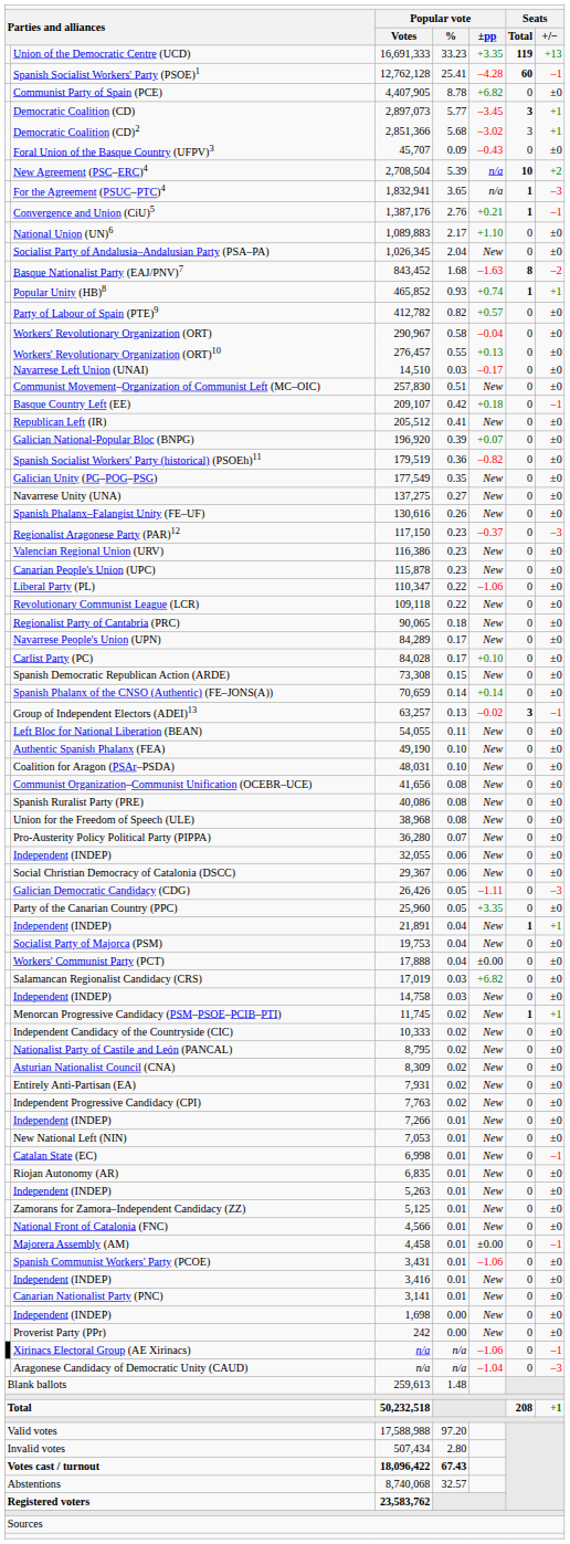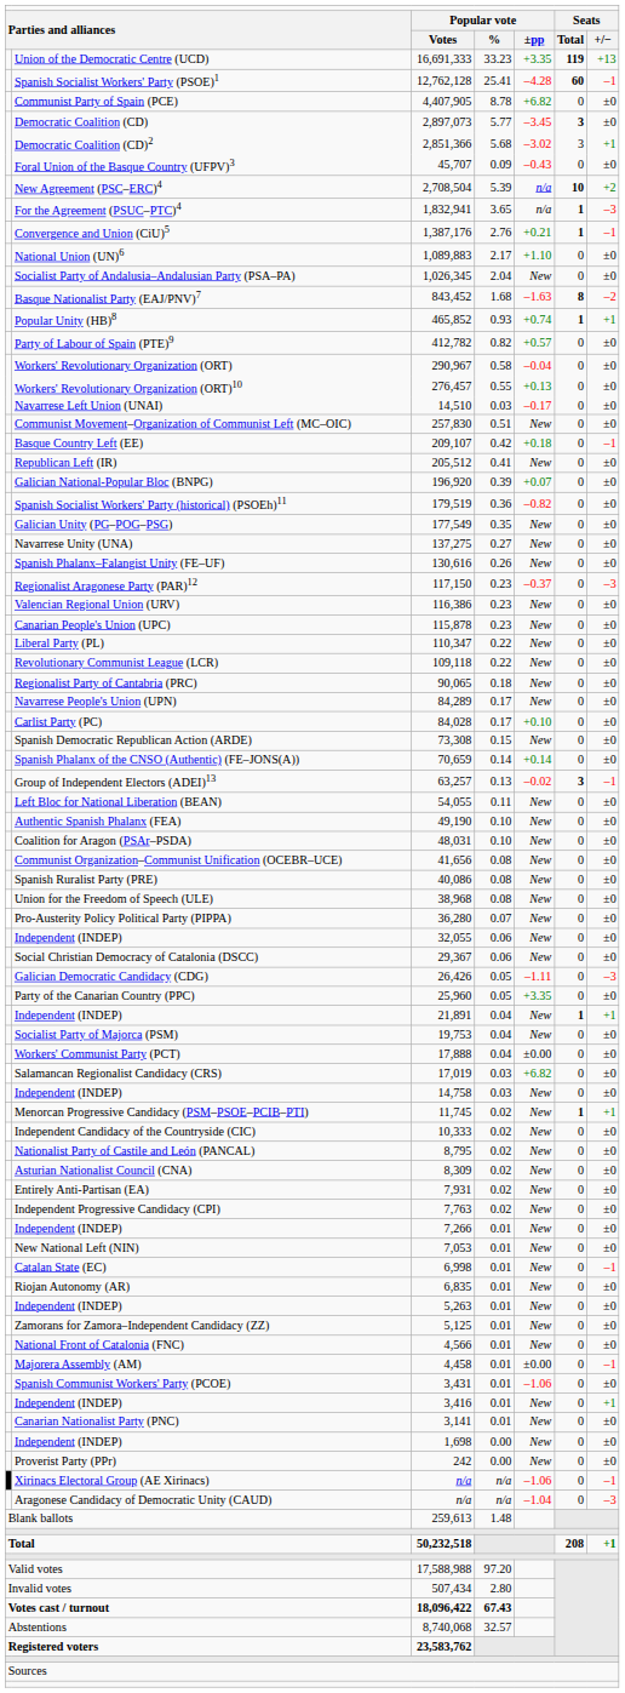 <table class="wikitable" style="text-align:right;">
 <tr>
 <td colspan="7"></td>
 </tr>
 <tr>
 <th style="text-align:left;" rowspan="2" colspan="2" width="525">Parties and alliances</th>
 <th colspan="3">Popular vote</th>
 <th colspan="2">Seats</th>
 </tr>
 <tr>
 <th width="75">Votes</th>
 <th width="45">%</th>
 <th width="45">±<a href='#'>pp</a></th>
 <th width="35">Total</th>
 <th width="35">+/−</th>
 </tr>
 <tr>
 <td width="1" style="color:inherit;background:"></td>
 <td align="left"><a href='#'>Union of the Democratic Centre</a> (UCD)</td>
 <td>16,691,333</td>
 <td>33.23</td>
 <td style="color:green;">+3.35</td>
 <td><strong>119</strong></td>
 <td style="color:green;">+13</td>
 </tr>
 <tr>
 <td style="color:inherit;background:"></td>
 <td align="left"><a href='#'>Spanish Socialist Workers' Party</a> (PSOE)<sup>1</sup></td>
 <td>12,762,128</td>
 <td>25.41</td>
 <td style="color:red;">–4.28</td>
 <td><strong>60</strong></td>
 <td style="color:red;">–1</td>
 </tr>
 <tr>
 <td style="color:inherit;background:"></td>
 <td align="left"><a href='#'>Communist Party of Spain</a> (PCE)</td>
 <td>4,407,905</td>
 <td>8.78</td>
 <td style="color:green;">+6.82</td>
 <td>0</td>
 <td>±0</td>
 </tr>
 <tr style="line-height:22px;">
 <td rowspan="3" style="color:inherit;background:"></td>
 <td align="left"><a href='#'>Democratic Coalition</a> (CD)</td>
 <td>2,897,073</td>
 <td>5.77</td>
 <td style="color:red;">–3.45</td>
 <td><strong>3</strong></td>
-<td style="color:green;">+1</td>
+<td>±0</td>
 </tr>
 <tr style="border-bottom-style:hidden; border-top-style:hidden; line-height:16px;">
 <td align="left"><span><a href='#'>Democratic Coalition</a> (CD)<sup>2</sup></span></td>
 <td>2,851,366</td>
 <td>5.68</td>
 <td style="color:red;">–3.02</td>
 <td>3</td>
 <td style="color:green;">+1</td>
 </tr>
 <tr style="line-height:16px;">
 <td align="left"><span><a href='#'>Foral Union of the Basque Country</a> (UFPV)<sup>3</sup></span></td>
 <td>45,707</td>
 <td>0.09</td>
 <td style="color:red;">–0.43</td>
 <td>0</td>
 <td>±0</td>
 </tr>
 <tr>
 <td style="color:inherit;background:"></td>
 <td align="left"><a href='#'>New Agreement</a> (<a href='#'>PSC</a>–<a href='#'>ERC</a>)<sup>4</sup></td>
 <td>2,708,504</td>
 <td>5.39</td>
 <td><em><a href='#'>n/a</a></em></td>
 <td><strong>10</strong></td>
 <td style="color:green;">+2</td>
 </tr>
 <tr>
 <td style="color:inherit;background:"></td>
 <td align="left"><a href='#'>For the Agreement</a> (<a href='#'>PSUC</a>–<a href='#'>PTC</a>)<sup>4</sup></td>
 <td>1,832,941</td>
 <td>3.65</td>
 <td><em>n/a</em></td>
 <td><strong>1</strong></td>
 <td style="color:red;">–3</td>
 </tr>
 <tr>
 <td style="color:inherit;background:"></td>
 <td align="left"><a href='#'>Convergence and Union</a> (CiU)<sup>5</sup></td>
 <td>1,387,176</td>
 <td>2.76</td>
 <td style="color:green;">+0.21</td>
 <td><strong>1</strong></td>
 <td style="color:red;">–1</td>
 </tr>
 <tr>
 <td style="color:inherit;background:"></td>
 <td align="left"><a href='#'>National Union</a> (UN)<sup>6</sup></td>
 <td>1,089,883</td>
 <td>2.17</td>
 <td style="color:green;">+1.10</td>
 <td>0</td>
 <td>±0</td>
 </tr>
 <tr>
 <td style="color:inherit;background:"></td>
 <td align="left"><a href='#'>Socialist Party of Andalusia–Andalusian Party</a> (PSA–PA)</td>
 <td>1,026,345</td>
 <td>2.04</td>
 <td><em>New</em></td>
 <td>0</td>
 <td>±0</td>
 </tr>
 <tr>
 <td style="color:inherit;background:"></td>
 <td align="left"><a href='#'>Basque Nationalist Party</a> (EAJ/PNV)<sup>7</sup></td>
 <td>843,452</td>
 <td>1.68</td>
 <td style="color:red;">–1.63</td>
 <td><strong>8</strong></td>
 <td style="color:red;">–2</td>
 </tr>
 <tr>
 <td style="color:inherit;background:"></td>
 <td align="left"><a href='#'>Popular Unity</a> (HB)<sup>8</sup></td>
 <td>465,852</td>
 <td>0.93</td>
 <td style="color:green;">+0.74</td>
 <td><strong>1</strong></td>
 <td style="color:green;">+1</td>
 </tr>
 <tr>
 <td style="color:inherit;background:"></td>
 <td align="left"><a href='#'>Party of Labour of Spain</a> (PTE)<sup>9</sup></td>
 <td>412,782</td>
 <td>0.82</td>
 <td style="color:green;">+0.57</td>
 <td>0</td>
 <td>±0</td>
 </tr>
 <tr style="line-height:22px;">
 <td rowspan="3" style="color:inherit;background:"></td>
 <td align="left"><a href='#'>Workers' Revolutionary Organization</a> (ORT)</td>
 <td>290,967</td>
 <td>0.58</td>
 <td style="color:red;">–0.04</td>
 <td>0</td>
 <td>±0</td>
 </tr>
 <tr style="border-bottom-style:hidden; border-top-style:hidden; line-height:16px;">
 <td align="left"><span><a href='#'>Workers' Revolutionary Organization</a> (ORT)<sup>10</sup></span></td>
 <td>276,457</td>
 <td>0.55</td>
 <td style="color:green;">+0.13</td>
 <td>0</td>
 <td>±0</td>
 </tr>
 <tr style="line-height:16px;">
 <td align="left"><span><a href='#'>Navarrese Left Union</a> (UNAI)</span></td>
 <td>14,510</td>
 <td>0.03</td>
 <td style="color:red;">–0.17</td>
 <td>0</td>
 <td>±0</td>
 </tr>
 <tr>
 <td style="color:inherit;background:"></td>
 <td align="left"><a href='#'>Communist Movement</a>–<a href='#'>Organization of Communist Left</a> (MC–OIC)</td>
 <td>257,830</td>
 <td>0.51</td>
 <td><em>New</em></td>
 <td>0</td>
 <td>±0</td>
 </tr>
 <tr>
 <td style="color:inherit;background:"></td>
 <td align="left"><a href='#'>Basque Country Left</a> (EE)</td>
 <td>209,107</td>
 <td>0.42</td>
 <td style="color:green;">+0.18</td>
 <td>0</td>
 <td style="color:red;">–1</td>
 </tr>
 <tr>
 <td style="color:inherit;background:"></td>
 <td align="left"><a href='#'>Republican Left</a> (IR)</td>
 <td>205,512</td>
 <td>0.41</td>
 <td><em>New</em></td>
 <td>0</td>
 <td>±0</td>
 </tr>
 <tr>
 <td style="color:inherit;background:"></td>
 <td align="left"><a href='#'>Galician National-Popular Bloc</a> (BNPG)</td>
 <td>196,920</td>
 <td>0.39</td>
 <td style="color:green;">+0.07</td>
 <td>0</td>
 <td>±0</td>
 </tr>
 <tr>
 <td style="color:inherit;background:"></td>
 <td align="left"><a href='#'>Spanish Socialist Workers' Party (historical)</a> (PSOEh)<sup>11</sup></td>
 <td>179,519</td>
 <td>0.36</td>
 <td style="color:red;">–0.82</td>
 <td>0</td>
 <td>±0</td>
 </tr>
 <tr>
 <td style="color:inherit;background:"></td>
 <td align="left"><a href='#'>Galician Unity</a> (<a href='#'>PG</a>–<a href='#'>POG</a>–<a href='#'>PSG</a>)</td>
 <td>177,549</td>
 <td>0.35</td>
 <td><em>New</em></td>
 <td>0</td>
 <td>±0</td>
 </tr>
 <tr>
 <td bgcolor="white"></td>
 <td align="left">Navarrese Unity (UNA)</td>
 <td>137,275</td>
 <td>0.27</td>
 <td><em>New</em></td>
 <td>0</td>
 <td>±0</td>
 </tr>
 <tr>
 <td style="color:inherit;background:"></td>
 <td align="left"><a href='#'>Spanish Phalanx–Falangist Unity</a> (FE–UF)</td>
 <td>130,616</td>
 <td>0.26</td>
 <td><em>New</em></td>
 <td>0</td>
 <td>±0</td>
 </tr>
 <tr>
 <td style="color:inherit;background:"></td>
 <td align="left"><a href='#'>Regionalist Aragonese Party</a> (PAR)<sup>12</sup></td>
 <td>117,150</td>
 <td>0.23</td>
 <td style="color:red;">–0.37</td>
 <td>0</td>
 <td style="color:red;">–3</td>
 </tr>
 <tr>
 <td style="color:inherit;background:"></td>
 <td align="left"><a href='#'>Valencian Regional Union</a> (URV)</td>
 <td>116,386</td>
 <td>0.23</td>
 <td><em>New</em></td>
 <td>0</td>
 <td>±0</td>
 </tr>
 <tr>
 <td style="color:inherit;background:"></td>
 <td align="left"><a href='#'>Canarian People's Union</a> (UPC)</td>
 <td>115,878</td>
 <td>0.23</td>
 <td><em>New</em></td>
 <td>0</td>
 <td>±0</td>
 </tr>
 <tr>
 <td style="color:inherit;background:"></td>
 <td align="left"><a href='#'>Liberal Party</a> (PL)</td>
 <td>110,347</td>
 <td>0.22</td>
-<td style="color:red;">–1.06</td>
+<td><em>New</em></td>
 <td>0</td>
 <td>±0</td>
 </tr>
 <tr>
 <td style="color:inherit;background:"></td>
 <td align="left"><a href='#'>Revolutionary Communist League</a> (LCR)</td>
 <td>109,118</td>
 <td>0.22</td>
 <td><em>New</em></td>
 <td>0</td>
 <td>±0</td>
 </tr>
 <tr>
 <td style="color:inherit;background:"></td>
 <td align="left"><a href='#'>Regionalist Party of Cantabria</a> (PRC)</td>
 <td>90,065</td>
 <td>0.18</td>
 <td><em>New</em></td>
 <td>0</td>
 <td>±0</td>
 </tr>
 <tr>
 <td style="color:inherit;background:"></td>
 <td align="left"><a href='#'>Navarrese People's Union</a> (UPN)</td>
 <td>84,289</td>
 <td>0.17</td>
 <td><em>New</em></td>
 <td>0</td>
 <td>±0</td>
 </tr>
 <tr>
 <td style="color:inherit;background:"></td>
 <td align="left"><a href='#'>Carlist Party</a> (PC)</td>
 <td>84,028</td>
 <td>0.17</td>
 <td style="color:green;">+0.10</td>
 <td>0</td>
 <td>±0</td>
 </tr>
 <tr>
 <td style="color:inherit;background:"></td>
 <td align="left">Spanish Democratic Republican Action (ARDE)</td>
 <td>73,308</td>
 <td>0.15</td>
 <td><em>New</em></td>
 <td>0</td>
 <td>±0</td>
 </tr>
 <tr>
 <td style="color:inherit;background:"></td>
 <td align="left"><a href='#'>Spanish Phalanx of the CNSO (Authentic)</a> (FE–JONS(A))</td>
 <td>70,659</td>
 <td>0.14</td>
 <td style="color:green;">+0.14</td>
 <td>0</td>
 <td>±0</td>
 </tr>
 <tr>
 <td style="color:inherit;background:"></td>
 <td align="left">Group of Independent Electors (ADEI)<sup>13</sup></td>
 <td>63,257</td>
 <td>0.13</td>
 <td style="color:red;">–0.02</td>
 <td><strong>3</strong></td>
 <td style="color:red;">–1</td>
 </tr>
 <tr>
 <td style="color:inherit;background:"></td>
 <td align="left"><a href='#'>Left Bloc for National Liberation</a> (BEAN)</td>
 <td>54,055</td>
 <td>0.11</td>
 <td><em>New</em></td>
 <td>0</td>
 <td>±0</td>
 </tr>
 <tr>
 <td style="color:inherit;background:"></td>
 <td align="left"><a href='#'>Authentic Spanish Phalanx</a> (FEA)</td>
 <td>49,190</td>
 <td>0.10</td>
 <td><em>New</em></td>
 <td>0</td>
 <td>±0</td>
 </tr>
 <tr>
 <td style="color:inherit;background:"></td>
 <td align="left">Coalition for Aragon (<a href='#'>PSAr</a>–PSDA)</td>
 <td>48,031</td>
 <td>0.10</td>
 <td><em>New</em></td>
 <td>0</td>
 <td>±0</td>
 </tr>
 <tr>
 <td style="color:inherit;background:"></td>
 <td align="left"><a href='#'>Communist Organization</a>–<a href='#'>Communist Unification</a> (OCEBR–UCE)</td>
 <td>41,656</td>
 <td>0.08</td>
 <td><em>New</em></td>
 <td>0</td>
 <td>±0</td>
 </tr>
 <tr>
 <td style="color:inherit;background:"></td>
 <td align="left">Spanish Ruralist Party (PRE)</td>
 <td>40,086</td>
 <td>0.08</td>
 <td><em>New</em></td>
 <td>0</td>
 <td>±0</td>
 </tr>
 <tr>
 <td bgcolor="white"></td>
 <td align="left">Union for the Freedom of Speech (ULE)</td>
 <td>38,968</td>
 <td>0.08</td>
 <td><em>New</em></td>
 <td>0</td>
 <td>±0</td>
 </tr>
 <tr>
 <td bgcolor="white"></td>
 <td align="left">Pro-Austerity Policy Political Party (PIPPA)</td>
 <td>36,280</td>
 <td>0.07</td>
 <td><em>New</em></td>
 <td>0</td>
 <td>±0</td>
 </tr>
 <tr>
 <td style="color:inherit;background:"></td>
 <td align="left"><a href='#'>Independent</a> (INDEP)</td>
 <td>32,055</td>
 <td>0.06</td>
 <td><em>New</em></td>
 <td>0</td>
 <td>±0</td>
 </tr>
 <tr>
 <td style="color:inherit;background:"></td>
 <td align="left">Social Christian Democracy of Catalonia (DSCC)</td>
 <td>29,367</td>
 <td>0.06</td>
 <td><em>New</em></td>
 <td>0</td>
 <td>±0</td>
 </tr>
 <tr>
 <td style="color:inherit;background:"></td>
 <td align="left"><a href='#'>Galician Democratic Candidacy</a> (CDG)</td>
 <td>26,426</td>
 <td>0.05</td>
 <td style="color:red;">–1.11</td>
 <td>0</td>
 <td style="color:red;">–3</td>
 </tr>
 <tr>
 <td style="color:inherit;background:"></td>
 <td align="left">Party of the Canarian Country (PPC)</td>
 <td>25,960</td>
 <td>0.05</td>
 <td style="color:green;">+3.35</td>
 <td>0</td>
 <td>±0</td>
 </tr>
 <tr>
 <td style="color:inherit;background:"></td>
 <td align="left"><a href='#'>Independent</a> (INDEP)</td>
 <td>21,891</td>
 <td>0.04</td>
 <td><em>New</em></td>
 <td><strong>1</strong></td>
 <td style="color:green;">+1</td>
 </tr>
 <tr>
 <td style="color:inherit;background:"></td>
 <td align="left"><a href='#'>Socialist Party of Majorca</a> (PSM)</td>
 <td>19,753</td>
 <td>0.04</td>
 <td><em>New</em></td>
 <td>0</td>
 <td>±0</td>
 </tr>
 <tr>
 <td style="color:inherit;background:"></td>
 <td align="left"><a href='#'>Workers' Communist Party</a> (PCT)</td>
 <td>17,888</td>
 <td>0.04</td>
 <td>±0.00</td>
 <td>0</td>
 <td>±0</td>
 </tr>
 <tr>
 <td bgcolor="white"></td>
 <td align="left">Salamancan Regionalist Candidacy (CRS)</td>
 <td>17,019</td>
 <td>0.03</td>
 <td style="color:green;">+6.82</td>
 <td>0</td>
 <td>±0</td>
 </tr>
 <tr>
 <td style="color:inherit;background:"></td>
 <td align="left"><a href='#'>Independent</a> (INDEP)</td>
 <td>14,758</td>
 <td>0.03</td>
 <td><em>New</em></td>
 <td>0</td>
 <td>±0</td>
 </tr>
 <tr>
 <td style="color:inherit;background:"></td>
 <td align="left">Menorcan Progressive Candidacy (<a href='#'>PSM</a>–<a href='#'>PSOE</a>–<a href='#'>PCIB</a>–<a href='#'>PTI</a>)</td>
 <td>11,745</td>
 <td>0.02</td>
 <td><em>New</em></td>
 <td><strong>1</strong></td>
 <td style="color:green;">+1</td>
 </tr>
 <tr>
 <td bgcolor="white"></td>
 <td align="left">Independent Candidacy of the Countryside (CIC)</td>
 <td>10,333</td>
 <td>0.02</td>
 <td><em>New</em></td>
 <td>0</td>
 <td>±0</td>
 </tr>
 <tr>
 <td style="color:inherit;background:"></td>
 <td align="left"><a href='#'>Nationalist Party of Castile and León</a> (PANCAL)</td>
 <td>8,795</td>
 <td>0.02</td>
 <td><em>New</em></td>
 <td>0</td>
 <td>±0</td>
 </tr>
 <tr>
 <td style="color:inherit;background:"></td>
 <td align="left"><a href='#'>Asturian Nationalist Council</a> (CNA)</td>
 <td>8,309</td>
 <td>0.02</td>
 <td><em>New</em></td>
 <td>0</td>
 <td>±0</td>
 </tr>
 <tr>
 <td bgcolor="white"></td>
 <td align="left">Entirely Anti-Partisan (EA)</td>
 <td>7,931</td>
 <td>0.02</td>
 <td><em>New</em></td>
 <td>0</td>
 <td>±0</td>
 </tr>
 <tr>
 <td style="color:inherit;background:"></td>
 <td align="left">Independent Progressive Candidacy (CPI)</td>
 <td>7,763</td>
 <td>0.02</td>
 <td><em>New</em></td>
 <td>0</td>
 <td>±0</td>
 </tr>
 <tr>
 <td style="color:inherit;background:"></td>
 <td align="left"><a href='#'>Independent</a> (INDEP)</td>
 <td>7,266</td>
 <td>0.01</td>
 <td><em>New</em></td>
 <td>0</td>
 <td>±0</td>
 </tr>
 <tr>
 <td bgcolor="white"></td>
 <td align="left">New National Left (NIN)</td>
 <td>7,053</td>
 <td>0.01</td>
 <td><em>New</em></td>
 <td>0</td>
 <td>±0</td>
 </tr>
 <tr>
 <td style="color:inherit;background:"></td>
 <td align="left"><a href='#'>Catalan State</a> (EC)</td>
 <td>6,998</td>
 <td>0.01</td>
 <td><em>New</em></td>
 <td>0</td>
 <td style="color:red;">–1</td>
 </tr>
 <tr>
 <td bgcolor="white"></td>
 <td align="left">Riojan Autonomy (AR)</td>
 <td>6,835</td>
 <td>0.01</td>
 <td><em>New</em></td>
 <td>0</td>
 <td>±0</td>
 </tr>
 <tr>
 <td style="color:inherit;background:"></td>
 <td align="left"><a href='#'>Independent</a> (INDEP)</td>
 <td>5,263</td>
 <td>0.01</td>
 <td><em>New</em></td>
 <td>0</td>
 <td>±0</td>
 </tr>
 <tr>
 <td bgcolor="white"></td>
 <td align="left">Zamorans for Zamora–Independent Candidacy (ZZ)</td>
 <td>5,125</td>
 <td>0.01</td>
 <td><em>New</em></td>
 <td>0</td>
 <td>±0</td>
 </tr>
 <tr>
 <td style="color:inherit;background:"></td>
 <td align="left"><a href='#'>National Front of Catalonia</a> (FNC)</td>
 <td>4,566</td>
 <td>0.01</td>
 <td><em>New</em></td>
 <td>0</td>
 <td>±0</td>
 </tr>
 <tr>
 <td style="color:inherit;background:"></td>
 <td align="left"><a href='#'>Majorera Assembly</a> (AM)</td>
 <td>4,458</td>
 <td>0.01</td>
 <td>±0.00</td>
 <td>0</td>
 <td style="color:red;">–1</td>
 </tr>
 <tr>
 <td style="color:inherit;background:"></td>
 <td align="left"><a href='#'>Spanish Communist Workers' Party</a> (PCOE)</td>
 <td>3,431</td>
 <td>0.01</td>
 <td style="color:red;">–1.06</td>
 <td>0</td>
 <td>±0</td>
 </tr>
 <tr>
 <td style="color:inherit;background:"></td>
 <td align="left"><a href='#'>Independent</a> (INDEP)</td>
 <td>3,416</td>
 <td>0.01</td>
 <td><em>New</em></td>
 <td>0</td>
-<td>±0</td>
+<td style="color:green;">+1</td>
 </tr>
 <tr>
 <td style="color:inherit;background:"></td>
 <td align="left"><a href='#'>Canarian Nationalist Party</a> (PNC)</td>
 <td>3,141</td>
 <td>0.01</td>
 <td><em>New</em></td>
 <td>0</td>
 <td>±0</td>
 </tr>
 <tr>
 <td style="color:inherit;background:"></td>
 <td align="left"><a href='#'>Independent</a> (INDEP)</td>
 <td>1,698</td>
 <td>0.00</td>
 <td><em>New</em></td>
 <td>0</td>
 <td>±0</td>
 </tr>
 <tr>
 <td style="color:inherit;background:"></td>
 <td align="left">Proverist Party (PPr)</td>
 <td>242</td>
 <td>0.00</td>
 <td><em>New</em></td>
 <td>0</td>
 <td>±0</td>
 </tr>
 <tr>
 <td bgcolor="black"></td>
 <td align="left"><a href='#'>Xirinacs Electoral Group</a> (AE Xirinacs)</td>
 <td><em><a href='#'>n/a</a></em></td>
 <td><em>n/a</em></td>
 <td style="color:red;">–1.06</td>
 <td>0</td>
 <td style="color:red;">–1</td>
 </tr>
 <tr>
 <td style="color:inherit;background:"></td>
 <td align="left">Aragonese Candidacy of Democratic Unity (CAUD)</td>
 <td><em>n/a</em></td>
 <td><em>n/a</em></td>
 <td style="color:red;">–1.04</td>
 <td>0</td>
 <td style="color:red;">–3</td>
 </tr>
 <tr>
 <td align="left" colspan="2">Blank ballots</td>
 <td>259,613</td>
 <td>1.48</td>
 <td></td>
 <td bgcolor="#E9E9E9" colspan="2"></td>
 </tr>
 <tr>
 <td colspan="7" bgcolor="#E9E9E9"></td>
 </tr>
 <tr style="font-weight:bold;">
 <td align="left" colspan="2">Total</td>
 <td>50,232,518</td>
 <td bgcolor="#E9E9E9" colspan="2"></td>
 <td>208</td>
 <td style="color:green;">+1</td>
 </tr>
 <tr>
 <td colspan="7" bgcolor="#E9E9E9"></td>
 </tr>
 <tr>
 <td align="left" colspan="2">Valid votes</td>
 <td>17,588,988</td>
 <td>97.20</td>
 <td></td>
 <td bgcolor="#E9E9E9" colspan="2" rowspan="5"></td>
 </tr>
 <tr>
 <td align="left" colspan="2">Invalid votes</td>
 <td>507,434</td>
 <td>2.80</td>
 <td></td>
 </tr>
 <tr style="font-weight:bold;">
 <td align="left" colspan="2">Votes cast / turnout</td>
 <td>18,096,422</td>
 <td>67.43</td>
 <td></td>
 </tr>
 <tr>
 <td align="left" colspan="2">Abstentions</td>
 <td>8,740,068</td>
 <td>32.57</td>
 <td></td>
 </tr>
 <tr style="font-weight:bold;">
 <td align="left" colspan="2">Registered voters</td>
 <td>23,583,762</td>
 <td bgcolor="#E9E9E9" colspan="2"></td>
 </tr>
 <tr>
 <td colspan="7" bgcolor="#E9E9E9"></td>
 </tr>
 <tr>
 <td align="left" colspan="7">Sources</td>
 </tr>
 <tr>
 <td colspan="7" style="text-align:left; max-width:705px;"></td>
 </tr>
 </table>
